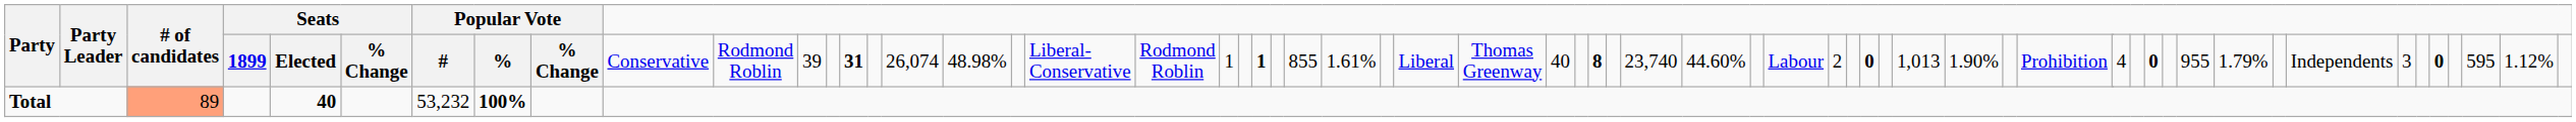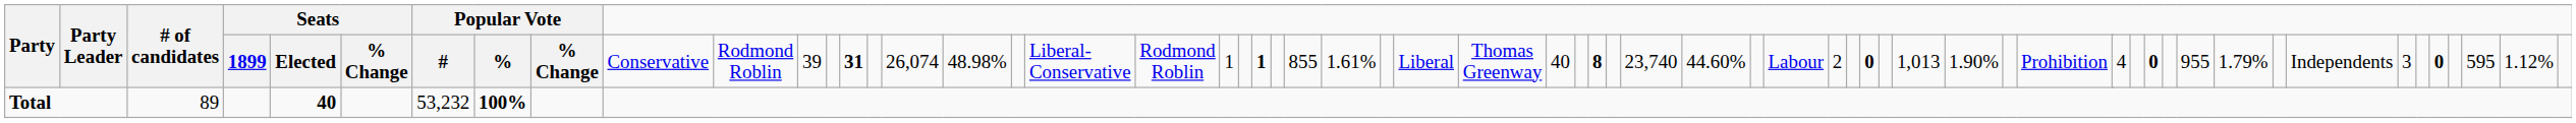 <table class="wikitable">
 <tr>
 <th rowspan=2 colspan=2>Party</th>
 <th rowspan=2>Party Leader</th>
 <th rowspan=2># of<br>candidates</th>
 <th colspan=3>Seats</th>
 <th colspan=3>Popular Vote</th>
 </tr>
 <tr>
 <th><a href='#'>1899</a></th>
 <th>Elected</th>
 <th>% Change</th>
 <th>#</th>
 <th>%</th>
 <th>% Change<br></th>
 <td><a href='#'>Conservative</a></td>
 <td align="center"><a href='#'>Rodmond Roblin</a></td>
 <td align="right">39</td>
 <td align="right"> </td>
 <td align="right"><strong>31</strong></td>
 <td align="right"> </td>
 <td align="right">26,074</td>
 <td align="right">48.98%</td>
 <td align="right"> <br></td>
 <td><a href='#'>Liberal-Conservative</a></td>
 <td align="center"><a href='#'>Rodmond Roblin</a></td>
 <td align="right">1</td>
 <td align="right"> </td>
 <td align="right"><strong>1</strong></td>
 <td align="right"> </td>
 <td align="right">855</td>
 <td align="right">1.61%</td>
 <td align="right"> <br></td>
 <td><a href='#'>Liberal</a></td>
 <td align="center"><a href='#'>Thomas Greenway</a></td>
 <td align="right">40</td>
 <td align="right"> </td>
 <td align="right"><strong>8</strong></td>
 <td align="right"> </td>
 <td align="right">23,740</td>
 <td align="right">44.60%</td>
 <td align="right"> <br></td>
 <td colspan=2><a href='#'>Labour</a></td>
 <td align="right">2</td>
 <td align="right"> </td>
 <td align="right"><strong>0</strong></td>
 <td align="right"> </td>
 <td align="right">1,013</td>
 <td align="right">1.90%</td>
 <td align="right"> <br></td>
 <td colspan=2><a href='#'>Prohibition</a></td>
 <td align="right">4</td>
 <td align="right"> </td>
 <td align="right"><strong>0</strong></td>
 <td align="right"> </td>
 <td align="right">955</td>
 <td align="right">1.79%</td>
 <td align="right"> <br></td>
 <td colspan=2>Independents</td>
 <td align="right">3</td>
 <td align="right"> </td>
 <td align="right"><strong>0</strong></td>
 <td align="right"> </td>
 <td align="right">595</td>
 <td align="right">1.12%</td>
 <td align="right"> </td>
 </tr>
 <tr>
 <td colspan=3><strong>Total</strong></td>
-<td align="right" style="background: lightsalmon;">89</td>
+<td align="right">89</td>
 <td align="right"> </td>
 <td align="right"><strong>40</strong></td>
 <td align="right"> </td>
 <td align="right">53,232</td>
 <td align="right"><strong>100%</strong></td>
 <td align="right"> </td>
 </tr>
 </table>
